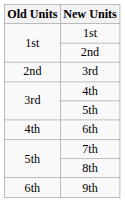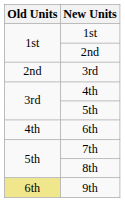 <table class="wikitable" style="text-align:center">
 <tr>
 <th>Old Units</th>
 <th>New Units</th>
 </tr>
 <tr>
 <td rowspan=2>1st</td>
 <td>1st</td>
 </tr>
 <tr>
 <td>2nd</td>
 </tr>
 <tr>
 <td>2nd</td>
 <td>3rd</td>
 </tr>
 <tr>
 <td rowspan=2>3rd</td>
 <td>4th</td>
 </tr>
 <tr>
 <td>5th</td>
 </tr>
 <tr>
 <td>4th</td>
 <td>6th</td>
 </tr>
 <tr>
 <td rowspan=2>5th</td>
 <td>7th</td>
 </tr>
 <tr>
 <td>8th</td>
 </tr>
 <tr>
-<td>6th</td>
+<td style="background: khaki;">6th</td>
 <td>9th</td>
 </tr>
 </table>
